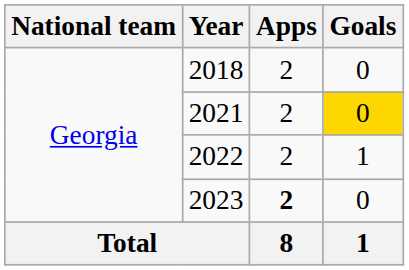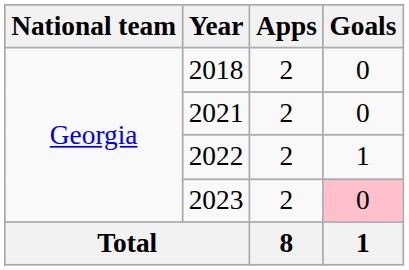 <table class="wikitable" style="text-align: center;">
 <tr>
 <th>National team</th>
 <th>Year</th>
 <th>Apps</th>
 <th>Goals</th>
 </tr>
 <tr>
 <td rowspan="4"><a href='#'>Georgia</a></td>
 <td>2018</td>
 <td>2</td>
 <td>0</td>
 </tr>
 <tr>
 <td>2021</td>
 <td>2</td>
-<td style="background: gold;">0</td>
+<td>0</td>
 </tr>
 <tr>
 <td>2022</td>
 <td>2</td>
 <td>1</td>
 </tr>
 <tr>
 <td>2023</td>
-<td><strong>2</strong></td>
-<td>0</td>
+<td>2</td>
+<td style="background: pink;">0</td>
 </tr>
 <tr>
 <th colspan="2">Total</th>
 <th>8</th>
 <th>1</th>
 </tr>
 </table>
